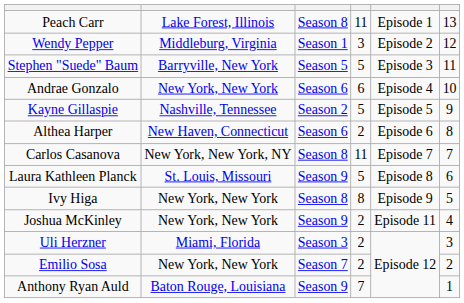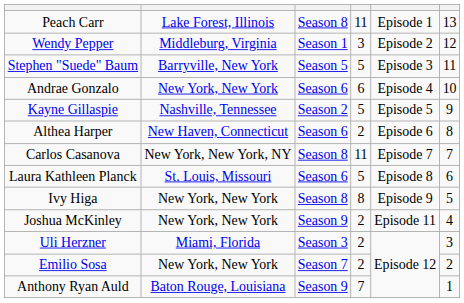 <table class="wikitable sortable" style="text-align:center;">
 <tr>
 <th></th>
 <th></th>
 <th></th>
 <th></th>
 <th></th>
 <th></th>
 </tr>
 <tr>
 <td>Peach Carr</td>
 <td><a href='#'>Lake Forest, Illinois</a></td>
 <td><a href='#'>Season 8</a></td>
 <td>11</td>
 <td>Episode 1</td>
 <td>13</td>
 </tr>
 <tr>
 <td><a href='#'>Wendy Pepper</a></td>
 <td><a href='#'>Middleburg, Virginia</a></td>
 <td><a href='#'>Season 1</a></td>
 <td>3</td>
 <td>Episode 2</td>
 <td>12</td>
 </tr>
 <tr>
 <td><a href='#'>Stephen "Suede" Baum</a></td>
 <td><a href='#'>Barryville, New York</a></td>
 <td><a href='#'>Season 5</a></td>
 <td>5</td>
 <td>Episode 3</td>
 <td>11</td>
 </tr>
 <tr>
 <td>Andrae Gonzalo</td>
 <td><a href='#'>New York, New York</a></td>
 <td><a href='#'>Season 6</a></td>
 <td>6</td>
 <td>Episode 4</td>
 <td>10</td>
 </tr>
 <tr>
 <td><a href='#'>Kayne Gillaspie</a></td>
 <td><a href='#'>Nashville, Tennessee</a></td>
 <td><a href='#'>Season 2</a></td>
 <td>5</td>
 <td>Episode 5</td>
 <td>9</td>
 </tr>
 <tr>
 <td>Althea Harper</td>
 <td><a href='#'>New Haven, Connecticut</a></td>
 <td><a href='#'>Season 6</a></td>
 <td>2</td>
 <td>Episode 6</td>
 <td>8</td>
 </tr>
 <tr>
 <td>Carlos Casanova</td>
 <td>New York, New York, NY</td>
 <td><a href='#'>Season 8</a></td>
 <td>11</td>
 <td>Episode 7</td>
 <td>7</td>
 </tr>
 <tr>
 <td>Laura Kathleen Planck</td>
 <td><a href='#'>St. Louis, Missouri</a></td>
-<td><a href='#'>Season 9</a></td>
+<td><a href='#'>Season 6</a></td>
 <td>5</td>
 <td>Episode 8</td>
 <td>6</td>
 </tr>
 <tr>
 <td>Ivy Higa</td>
 <td>New York, New York</td>
 <td><a href='#'>Season 8</a></td>
 <td>8</td>
 <td>Episode 9</td>
 <td>5</td>
 </tr>
 <tr>
 <td>Joshua McKinley</td>
 <td>New York, New York</td>
 <td><a href='#'>Season 9</a></td>
 <td>2</td>
 <td>Episode 11</td>
 <td>4</td>
 </tr>
 <tr>
 <td><a href='#'>Uli Herzner</a></td>
 <td><a href='#'>Miami, Florida</a></td>
 <td><a href='#'>Season 3</a></td>
 <td>2</td>
 <td rowspan="3">Episode 12</td>
 <td>3</td>
 </tr>
 <tr>
 <td><a href='#'>Emilio Sosa</a></td>
 <td>New York, New York</td>
 <td><a href='#'>Season 7</a></td>
 <td>2</td>
 <td>2</td>
 </tr>
 <tr>
 <td>Anthony Ryan Auld</td>
 <td><a href='#'>Baton Rouge, Louisiana</a></td>
 <td><a href='#'>Season 9</a></td>
 <td>7</td>
 <td>1</td>
 </tr>
 </table>
